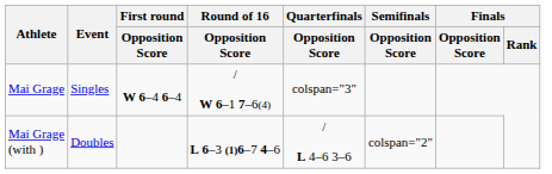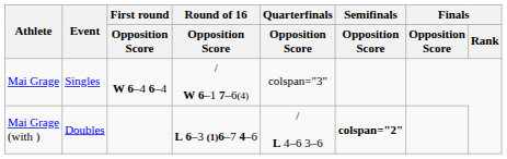 <table class="wikitable" style="font-size:90%; text-align:center;">
 <tr>
 <th rowspan="2">Athlete</th>
 <th rowspan="2">Event</th>
 <th>First round</th>
 <th>Round of 16</th>
 <th>Quarterfinals</th>
 <th>Semifinals</th>
 <th colspan="2">Finals</th>
 </tr>
 <tr>
 <th>Opposition<br>Score</th>
 <th>Opposition<br>Score</th>
 <th>Opposition<br>Score</th>
 <th>Opposition<br>Score</th>
 <th>Opposition<br>Score</th>
 <th>Rank</th>
 </tr>
 <tr>
 <td style="text-align:left;"><a href='#'>Mai Grage</a></td>
 <td style="text-align:left;"><a href='#'>Singles</a></td>
 <td><br><strong>W</strong> <strong>6</strong>–4 <strong>6</strong>–4</td>
 <td>/ <br><br><strong>W</strong> <strong>6</strong>–1 <strong>7</strong>–6<small>(4)</small></td>
 <td>colspan="3" </td>
 <td></td>
 </tr>
 <tr>
 <td style="text-align:left;"><a href='#'>Mai Grage</a><br>(with )</td>
 <td style="text-align:left;"><a href='#'>Doubles</a></td>
 <td></td>
 <td><br><strong>L</strong> <strong>6</strong>–3 <strong><small>(1)</small>6</strong>–7 <strong>4</strong>–6</td>
 <td>/ <br><br><strong>L</strong> 4–6 3–6</td>
-<td>colspan="2" </td>
+<td><strong>colspan="2" </strong></td>
 <td></td>
 </tr>
 </table>
